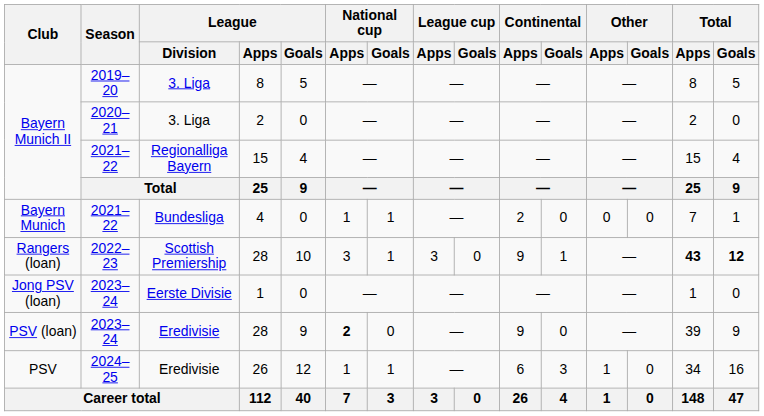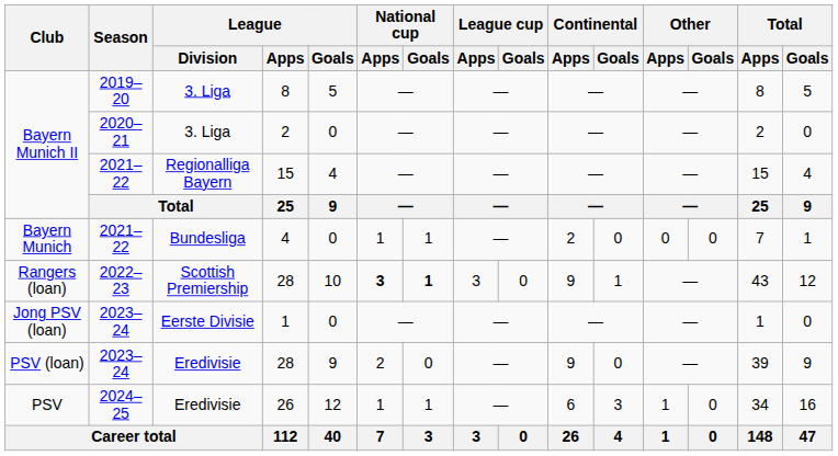 <table class=wikitable style=text-align:center>
 <tr>
 <th rowspan="2">Club</th>
 <th rowspan="2">Season</th>
 <th colspan="3">League</th>
 <th colspan="2">National cup</th>
 <th colspan="2">League cup</th>
 <th colspan="2">Continental</th>
 <th colspan="2">Other</th>
 <th colspan="2">Total</th>
 </tr>
 <tr>
 <th>Division</th>
 <th>Apps</th>
 <th>Goals</th>
 <th>Apps</th>
 <th>Goals</th>
 <th>Apps</th>
 <th>Goals</th>
 <th>Apps</th>
 <th>Goals</th>
 <th>Apps</th>
 <th>Goals</th>
 <th>Apps</th>
 <th>Goals</th>
 </tr>
 <tr>
 <td rowspan="4"><a href='#'>Bayern Munich II</a></td>
 <td><a href='#'>2019–20</a></td>
 <td><a href='#'>3. Liga</a></td>
 <td>8</td>
 <td>5</td>
 <td colspan="2">—</td>
 <td colspan="2">—</td>
 <td colspan="2">—</td>
 <td colspan="2">—</td>
 <td>8</td>
 <td>5</td>
 </tr>
 <tr>
 <td><a href='#'>2020–21</a></td>
 <td>3. Liga</td>
 <td>2</td>
 <td>0</td>
 <td colspan="2">—</td>
 <td colspan="2">—</td>
 <td colspan="2">—</td>
 <td colspan="2">—</td>
 <td>2</td>
 <td>0</td>
 </tr>
 <tr>
 <td><a href='#'>2021–22</a></td>
 <td><a href='#'>Regionalliga Bayern</a></td>
 <td>15</td>
 <td>4</td>
 <td colspan="2">—</td>
 <td colspan="2">—</td>
 <td colspan="2">—</td>
 <td colspan="2">—</td>
 <td>15</td>
 <td>4</td>
 </tr>
 <tr>
 <th colspan="2">Total</th>
 <th>25</th>
 <th>9</th>
 <th colspan="2">—</th>
 <th colspan="2">—</th>
 <th colspan="2">—</th>
 <th colspan="2">—</th>
 <th>25</th>
 <th>9</th>
 </tr>
 <tr>
 <td><a href='#'>Bayern Munich</a></td>
 <td><a href='#'>2021–22</a></td>
 <td><a href='#'>Bundesliga</a></td>
 <td>4</td>
 <td>0</td>
 <td>1</td>
 <td>1</td>
 <td colspan="2">—</td>
 <td>2</td>
 <td>0</td>
 <td>0</td>
 <td>0</td>
 <td>7</td>
 <td>1</td>
 </tr>
 <tr>
 <td><a href='#'>Rangers</a> (loan)</td>
 <td><a href='#'>2022–23</a></td>
 <td><a href='#'>Scottish Premiership</a></td>
 <td>28</td>
 <td>10</td>
-<td>3</td>
-<td>1</td>
+<td><strong>3</strong></td>
+<td><strong>1</strong></td>
 <td>3</td>
 <td>0</td>
 <td>9</td>
 <td>1</td>
 <td colspan="2">—</td>
-<td><strong>43</strong></td>
-<td><strong>12</strong></td>
+<td>43</td>
+<td>12</td>
 </tr>
 <tr>
 <td><a href='#'>Jong PSV</a> (loan)</td>
 <td><a href='#'>2023–24</a></td>
 <td><a href='#'>Eerste Divisie</a></td>
 <td>1</td>
 <td>0</td>
 <td colspan="2">—</td>
 <td colspan="2">—</td>
 <td colspan="2">—</td>
 <td colspan="2">—</td>
 <td>1</td>
 <td>0</td>
 </tr>
 <tr>
 <td><a href='#'>PSV</a> (loan)</td>
 <td><a href='#'>2023–24</a></td>
 <td><a href='#'>Eredivisie</a></td>
 <td>28</td>
 <td>9</td>
-<td><strong>2</strong></td>
+<td>2</td>
 <td>0</td>
 <td colspan="2">—</td>
 <td>9</td>
 <td>0</td>
 <td colspan="2">—</td>
 <td>39</td>
 <td>9</td>
 </tr>
 <tr>
 <td rowspan="1">PSV</td>
 <td><a href='#'>2024–25</a></td>
 <td>Eredivisie</td>
 <td>26</td>
 <td>12</td>
 <td>1</td>
 <td>1</td>
 <td colspan="2">—</td>
 <td>6</td>
 <td>3</td>
 <td>1</td>
 <td>0</td>
 <td>34</td>
 <td>16</td>
 </tr>
 <tr>
 <th colspan="3">Career total</th>
 <th>112</th>
 <th>40</th>
 <th>7</th>
 <th>3</th>
 <th>3</th>
 <th>0</th>
 <th>26</th>
 <th>4</th>
 <th>1</th>
 <th>0</th>
 <th>148</th>
 <th>47</th>
 </tr>
 </table>
